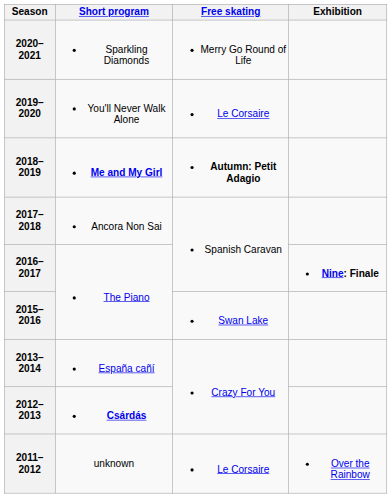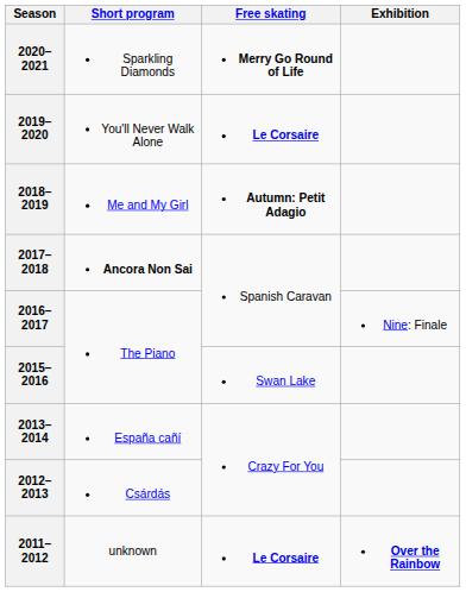 <table class=wikitable style=text-align:center>
 <tr>
 <th>Season</th>
 <th><a href='#'>Short program</a></th>
 <th><a href='#'>Free skating</a></th>
 <th>Exhibition</th>
 </tr>
 <tr>
 <th>2020–2021</th>
 <td><br><ul><li>Sparkling Diamonds <br></li></ul></td>
-<td><br><ul><li>Merry Go Round of Life<br></li></ul></td>
+<td><strong><br><ul><li>Merry Go Round of Life<br></li></ul></strong></td>
 <td></td>
 </tr>
 <tr>
 <th>2019–2020 <br> </th>
 <td><br><ul><li>You'll Never Walk Alone<br></li></ul></td>
-<td><br><ul><li><a href='#'>Le Corsaire</a><br></li></ul></td>
+<td><strong><br><ul><li><a href='#'>Le Corsaire</a><br></li></ul></strong></td>
 <td></td>
 </tr>
 <tr>
 <th>2018–2019 <br> </th>
-<td><strong><br><ul><li><a href='#'>Me and My Girl</a> <br></li></ul></strong></td>
+<td><br><ul><li><a href='#'>Me and My Girl</a> <br></li></ul></td>
 <td><strong><br><ul><li>Autumn: Petit Adagio <br></li></ul></strong></td>
 <td></td>
 </tr>
 <tr>
 <th>2017–2018 <br> </th>
-<td><br><ul><li>Ancora Non Sai <br></li></ul></td>
+<td><strong><br><ul><li>Ancora Non Sai <br></li></ul></strong></td>
 <td rowspan=2><br><ul><li>Spanish Caravan <br></li></ul></td>
 <td></td>
 </tr>
 <tr>
 <th>2016–2017 <br> </th>
 <td rowspan=2><br><ul><li><a href='#'>The Piano</a> <br></li></ul></td>
-<td><strong><br><ul><li><a href='#'>Nine</a>: Finale</li></ul></strong></td>
+<td><br><ul><li><a href='#'>Nine</a>: Finale</li></ul></td>
 </tr>
 <tr>
 <th>2015–2016 <br> </th>
 <td><br><ul><li><a href='#'>Swan Lake</a> <br></li></ul></td>
 <td></td>
 </tr>
 <tr>
 <th>2013–2014 <br> </th>
 <td><br><ul><li><a href='#'>España cañí</a> <br></li></ul></td>
 <td rowspan=2><br><ul><li><a href='#'>Crazy For You</a> <br></li></ul></td>
 <td></td>
 </tr>
 <tr>
 <th>2012–2013 <br> </th>
-<td><strong><br><ul><li><a href='#'>Csárdás</a> <br></li></ul></strong></td>
+<td><br><ul><li><a href='#'>Csárdás</a> <br></li></ul></td>
 <td></td>
 </tr>
 <tr>
 <th>2011–2012</th>
 <td align="center">unknown</td>
-<td><br><ul><li><a href='#'>Le Corsaire</a><br></li></ul></td>
-<td><br><ul><li><a href='#'>Over the Rainbow</a> <br></li></ul></td>
+<td><strong><br><ul><li><a href='#'>Le Corsaire</a><br></li></ul></strong></td>
+<td><strong><br><ul><li><a href='#'>Over the Rainbow</a> <br></li></ul></strong></td>
 </tr>
 </table>
